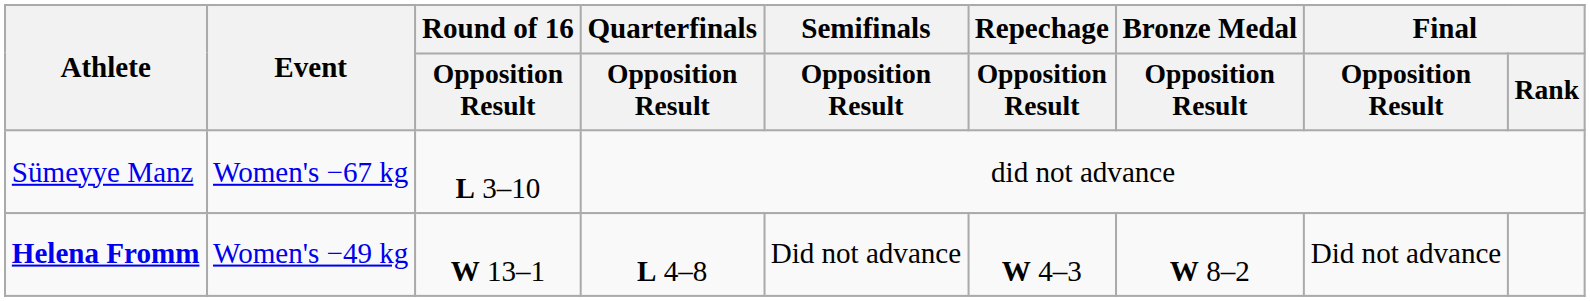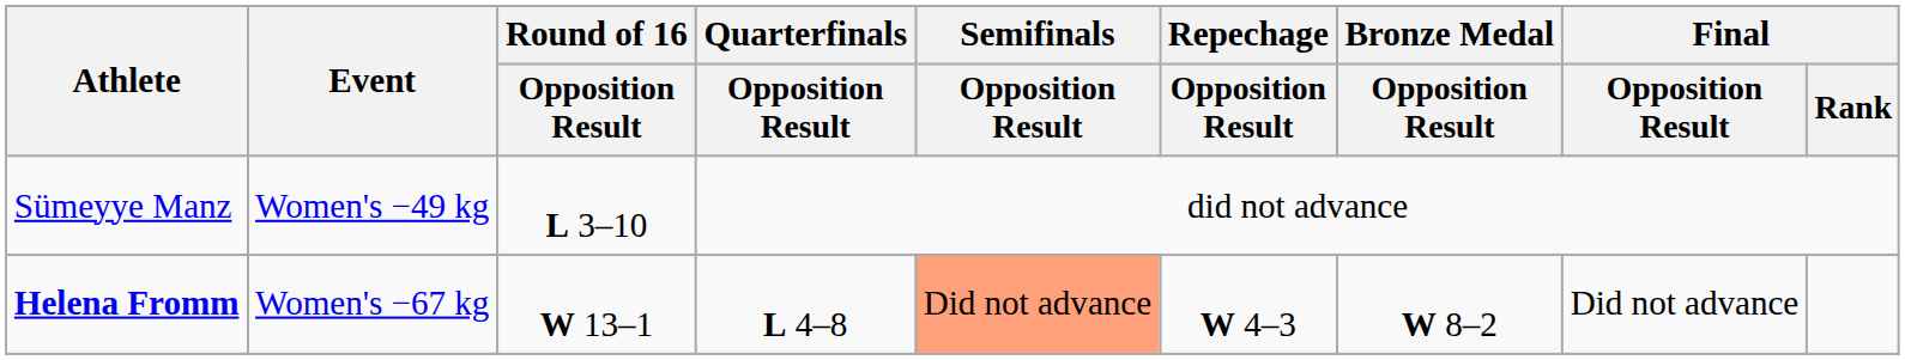 <table class="wikitable" style="font-size:90%">
 <tr>
 <th rowspan=2>Athlete</th>
 <th rowspan=2>Event</th>
 <th>Round of 16</th>
 <th>Quarterfinals</th>
 <th>Semifinals</th>
 <th>Repechage</th>
 <th>Bronze Medal</th>
 <th colspan=2>Final</th>
 </tr>
 <tr style="font-size:95%">
 <th>Opposition<br>Result</th>
 <th>Opposition<br>Result</th>
 <th>Opposition<br>Result</th>
 <th>Opposition<br>Result</th>
 <th>Opposition<br>Result</th>
 <th>Opposition<br>Result</th>
 <th>Rank</th>
 </tr>
 <tr align=center>
 <td align=left><a href='#'>Sümeyye Manz</a></td>
-<td align=left><a href='#'>Women's −67 kg</a></td>
+<td align=left><a href='#'>Women's −49 kg</a></td>
 <td><br><strong>L</strong> 3–10</td>
 <td colspan=6>did not advance</td>
 </tr>
 <tr align=center>
 <td align=left><strong><a href='#'>Helena Fromm</a></strong></td>
-<td align=left><a href='#'>Women's −49 kg</a></td>
+<td align=left><a href='#'>Women's −67 kg</a></td>
 <td><br><strong>W</strong> 13–1</td>
 <td><br><strong>L</strong> 4–8</td>
-<td>Did not advance</td>
+<td style="background: lightsalmon;">Did not advance</td>
 <td><br><strong>W</strong> 4–3</td>
 <td><br><strong>W</strong> 8–2</td>
 <td>Did not advance</td>
 <td></td>
 </tr>
 </table>
